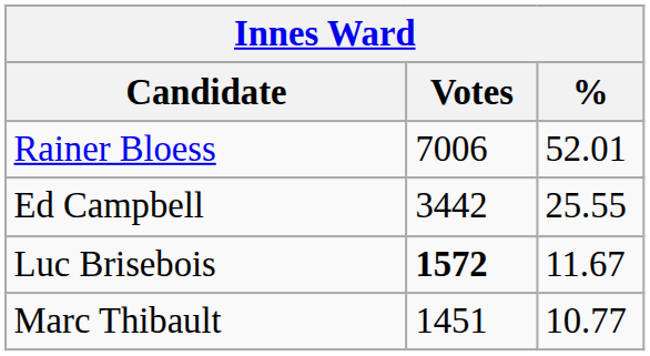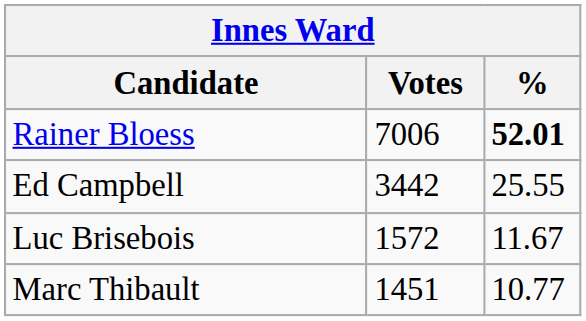 <table class="wikitable">
 <tr>
 <th colspan="3"><a href='#'>Innes Ward</a></th>
 </tr>
 <tr>
 <th style="width: 170px">Candidate</th>
 <th style="width: 50px">Votes</th>
 <th style="width: 40px">%</th>
 </tr>
 <tr>
 <td><a href='#'>Rainer Bloess</a></td>
 <td>7006</td>
-<td>52.01</td>
+<td><strong>52.01</strong></td>
 </tr>
 <tr>
 <td>Ed Campbell</td>
 <td>3442</td>
 <td>25.55</td>
 </tr>
 <tr>
 <td>Luc Brisebois</td>
-<td><strong>1572</strong></td>
+<td>1572</td>
 <td>11.67</td>
 </tr>
 <tr>
 <td>Marc Thibault</td>
 <td>1451</td>
 <td>10.77</td>
 </tr>
 </table>
